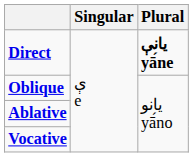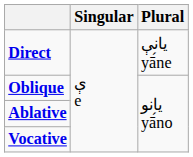 <table class="wikitable">
 <tr>
 <th></th>
 <th>Singular</th>
 <th>Plural</th>
 </tr>
 <tr>
 <td><strong><a href='#'>Direct</a></strong></td>
 <td rowspan="4">ې<br>e</td>
-<td><strong>یانې<br>yā́ne</strong></td>
+<td>یانې<br>yā́ne</td>
 </tr>
 <tr>
 <td><strong><a href='#'>Oblique</a></strong></td>
 <td rowspan="3">یانو<br>yā́no</td>
 </tr>
 <tr>
 <td><strong><a href='#'>Ablative</a></strong></td>
 </tr>
 <tr>
 <td><strong><a href='#'>Vocative</a></strong></td>
 </tr>
 </table>
